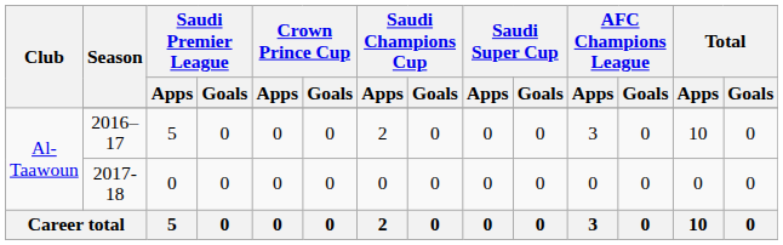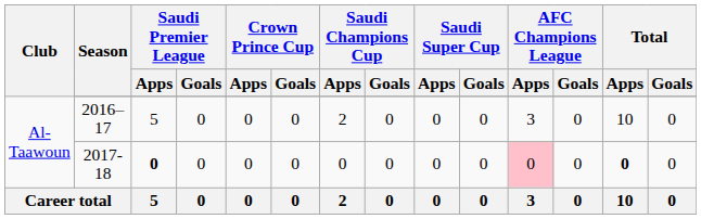 <table class="wikitable" style="text-align: center;">
 <tr>
 <th rowspan="2">Club</th>
 <th rowspan="2">Season</th>
 <th colspan="2"><a href='#'>Saudi Premier League</a></th>
 <th colspan="2"><a href='#'>Crown Prince Cup</a></th>
 <th colspan="2"><a href='#'>Saudi Champions Cup</a></th>
 <th colspan="2"><a href='#'>Saudi Super Cup</a></th>
 <th colspan="2"><a href='#'>AFC Champions League</a></th>
 <th colspan="2">Total</th>
 </tr>
 <tr>
 <th>Apps</th>
 <th>Goals</th>
 <th>Apps</th>
 <th>Goals</th>
 <th>Apps</th>
 <th>Goals</th>
 <th>Apps</th>
 <th>Goals</th>
 <th>Apps</th>
 <th>Goals</th>
 <th>Apps</th>
 <th>Goals</th>
 </tr>
 <tr>
 <td rowspan="3"><a href='#'>Al-Taawoun</a></td>
 </tr>
 <tr>
 <td>2016–17</td>
 <td>5</td>
 <td>0</td>
 <td>0</td>
 <td>0</td>
 <td>2</td>
 <td>0</td>
 <td>0</td>
 <td>0</td>
 <td>3</td>
 <td>0</td>
 <td>10</td>
 <td>0</td>
 </tr>
 <tr>
 <td>2017-18</td>
+<td><strong>0</strong></td>
 <td>0</td>
 <td>0</td>
 <td>0</td>
 <td>0</td>
 <td>0</td>
 <td>0</td>
 <td>0</td>
+<td style="background: pink;">0</td>
 <td>0</td>
-<td>0</td>
-<td>0</td>
-<td>0</td>
+<td><strong>0</strong></td>
 <td>0</td>
 </tr>
 <tr>
 <th colspan=2>Career total</th>
 <th>5</th>
 <th>0</th>
 <th>0</th>
 <th>0</th>
 <th>2</th>
 <th>0</th>
 <th>0</th>
 <th>0</th>
 <th>3</th>
 <th>0</th>
 <th>10</th>
 <th>0</th>
 </tr>
 </table>
